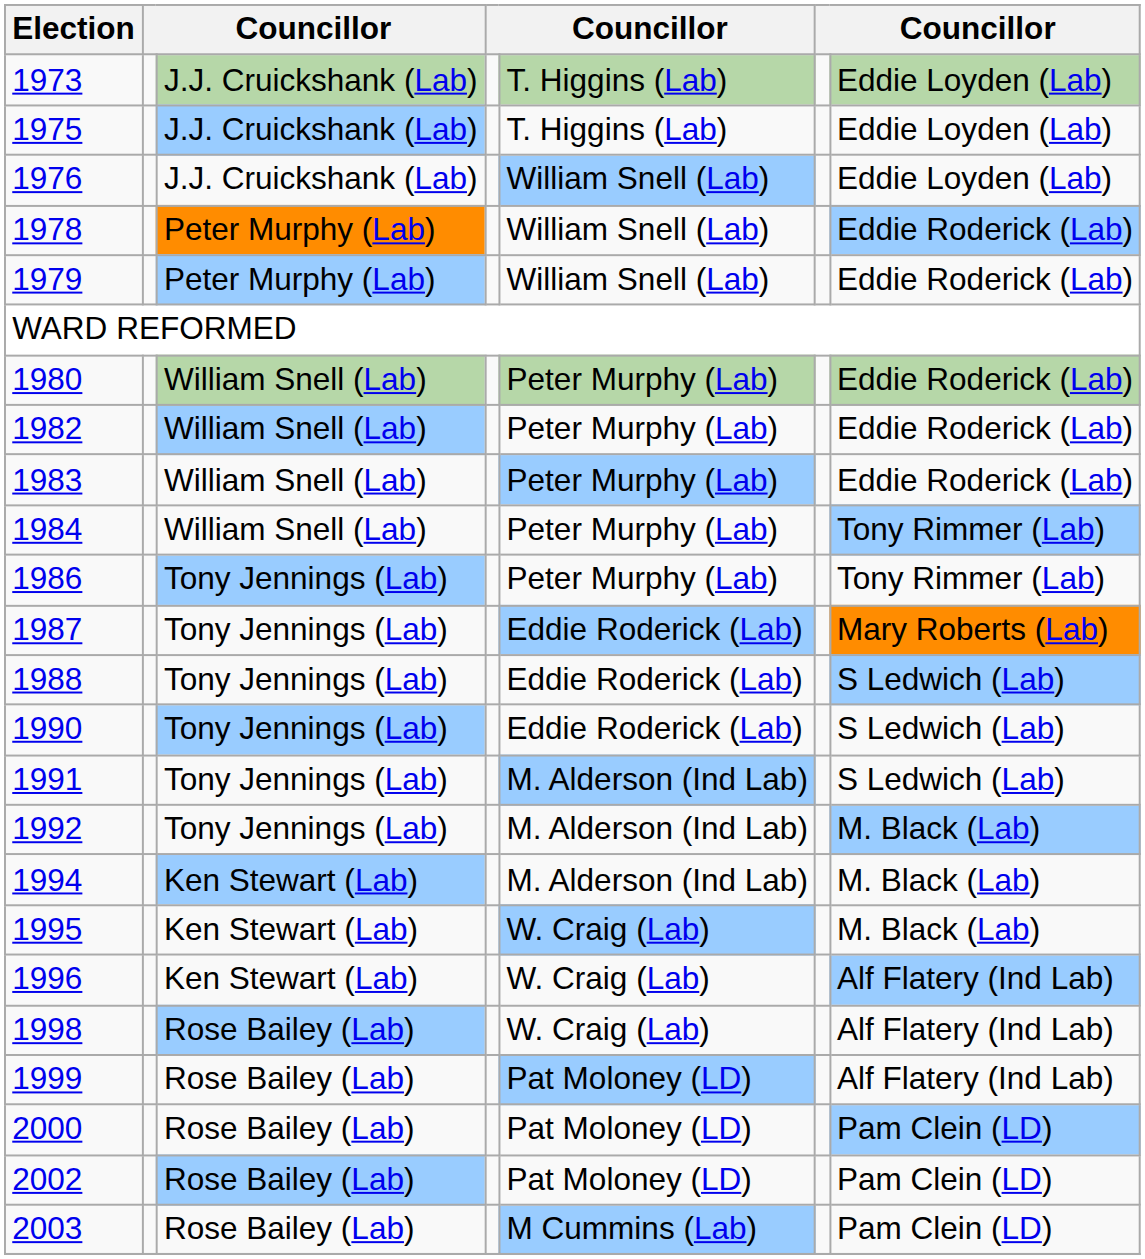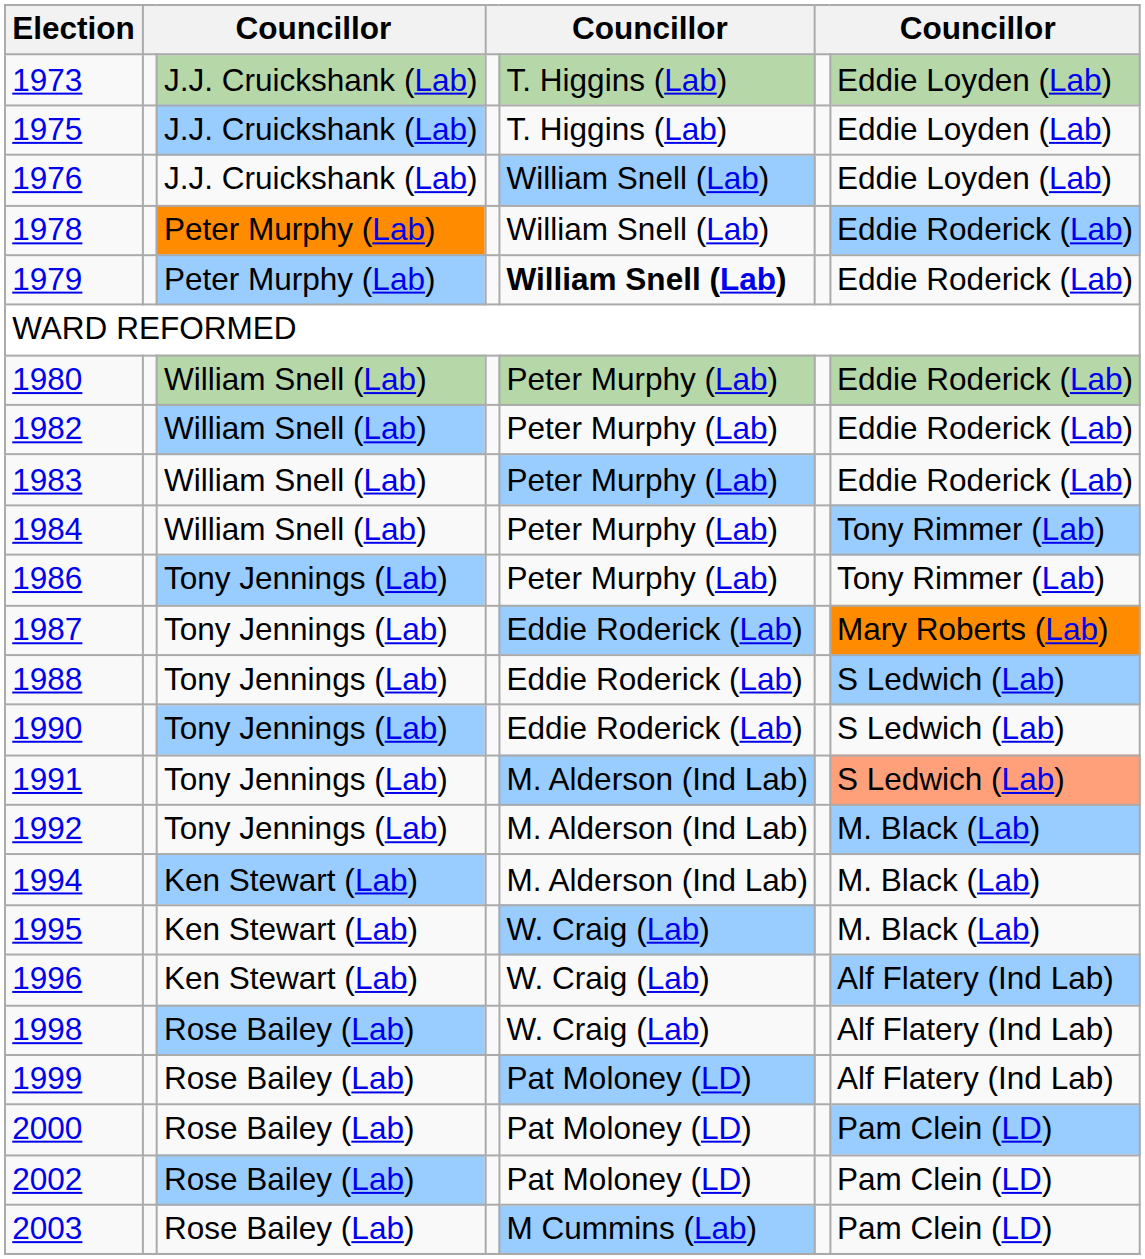 <table class="wikitable">
 <tr>
 <th>Election</th>
 <th colspan="2">Councillor</th>
 <th colspan="2">Councillor</th>
 <th colspan="2">Councillor</th>
 </tr>
 <tr>
 <td><a href='#'>1973</a></td>
 <td style="background-color: "></td>
 <td bgcolor="#B6D7A8">J.J. Cruickshank (<a href='#'>Lab</a>)</td>
 <td style="background-color: "></td>
 <td bgcolor="#B6D7A8">T. Higgins (<a href='#'>Lab</a>)</td>
 <td style="background-color: "></td>
 <td bgcolor="#B6D7A8">Eddie Loyden (<a href='#'>Lab</a>)</td>
 </tr>
 <tr>
 <td><a href='#'>1975</a></td>
 <td style="background-color: "></td>
 <td bgcolor="#99CCFF">J.J. Cruickshank (<a href='#'>Lab</a>)</td>
 <td style="background-color: "></td>
 <td>T. Higgins (<a href='#'>Lab</a>)</td>
 <td style="background-color: "></td>
 <td>Eddie Loyden (<a href='#'>Lab</a>)</td>
 </tr>
 <tr>
 <td><a href='#'>1976</a></td>
 <td style="background-color: "></td>
 <td>J.J. Cruickshank (<a href='#'>Lab</a>)</td>
 <td style="background-color: "></td>
 <td bgcolor="#99CCFF">William Snell (<a href='#'>Lab</a>)</td>
 <td style="background-color: "></td>
 <td>Eddie Loyden (<a href='#'>Lab</a>)</td>
 </tr>
 <tr>
 <td><a href='#'>1978</a></td>
 <td style="background-color: "></td>
 <td bgcolor="#FF8C00">Peter Murphy (<a href='#'>Lab</a>)</td>
 <td style="background-color: "></td>
 <td>William Snell (<a href='#'>Lab</a>)</td>
 <td style="background-color: "></td>
 <td bgcolor="#99CCFF">Eddie Roderick (<a href='#'>Lab</a>)</td>
 </tr>
 <tr>
 <td><a href='#'>1979</a></td>
 <td style="background-color: "></td>
 <td bgcolor="#99CCFF">Peter Murphy (<a href='#'>Lab</a>)</td>
 <td style="background-color: "></td>
-<td>William Snell (<a href='#'>Lab</a>)</td>
+<td><strong>William Snell (<a href='#'>Lab</a>)</strong></td>
 <td style="background-color: "></td>
 <td>Eddie Roderick (<a href='#'>Lab</a>)</td>
 </tr>
 <tr>
 <td colspan="8" bgcolor="#FFF"><div>WARD REFORMED</div></td>
 </tr>
 <tr>
 <td><a href='#'>1980</a></td>
 <td style="background-color: "></td>
 <td bgcolor="#B6D7A8">William Snell (<a href='#'>Lab</a>)</td>
 <td style="background-color: "></td>
 <td bgcolor="#B6D7A8">Peter Murphy (<a href='#'>Lab</a>)</td>
 <td style="background-color: "></td>
 <td bgcolor="#B6D7A8">Eddie Roderick (<a href='#'>Lab</a>)</td>
 </tr>
 <tr>
 <td><a href='#'>1982</a></td>
 <td style="background-color: "></td>
 <td bgcolor="#99CCFF">William Snell (<a href='#'>Lab</a>)</td>
 <td style="background-color: "></td>
 <td>Peter Murphy (<a href='#'>Lab</a>)</td>
 <td style="background-color: "></td>
 <td>Eddie Roderick (<a href='#'>Lab</a>)</td>
 </tr>
 <tr>
 <td><a href='#'>1983</a></td>
 <td style="background-color: "></td>
 <td>William Snell (<a href='#'>Lab</a>)</td>
 <td style="background-color: "></td>
 <td bgcolor="#99CCFF">Peter Murphy (<a href='#'>Lab</a>)</td>
 <td style="background-color: "></td>
 <td>Eddie Roderick (<a href='#'>Lab</a>)</td>
 </tr>
 <tr>
 <td><a href='#'>1984</a></td>
 <td style="background-color: "></td>
 <td>William Snell (<a href='#'>Lab</a>)</td>
 <td style="background-color: "></td>
 <td>Peter Murphy (<a href='#'>Lab</a>)</td>
 <td style="background-color: "></td>
 <td bgcolor="#99CCFF">Tony Rimmer (<a href='#'>Lab</a>)</td>
 </tr>
 <tr>
 <td><a href='#'>1986</a></td>
 <td style="background-color: "></td>
 <td bgcolor="#99CCFF">Tony Jennings (<a href='#'>Lab</a>)</td>
 <td style="background-color: "></td>
 <td>Peter Murphy (<a href='#'>Lab</a>)</td>
 <td style="background-color: "></td>
 <td>Tony Rimmer (<a href='#'>Lab</a>)</td>
 </tr>
 <tr>
 <td><a href='#'>1987</a></td>
 <td style="background-color: "></td>
 <td>Tony Jennings (<a href='#'>Lab</a>)</td>
 <td style="background-color: "></td>
 <td bgcolor="#99CCFF">Eddie Roderick (<a href='#'>Lab</a>)</td>
 <td style="background-color: "></td>
 <td bgcolor="#FF8C00">Mary Roberts (<a href='#'>Lab</a>)</td>
 </tr>
 <tr>
 <td><a href='#'>1988</a></td>
 <td style="background-color: "></td>
 <td>Tony Jennings (<a href='#'>Lab</a>)</td>
 <td style="background-color: "></td>
 <td>Eddie Roderick (<a href='#'>Lab</a>)</td>
 <td style="background-color: "></td>
 <td bgcolor="#99CCFF">S Ledwich (<a href='#'>Lab</a>)</td>
 </tr>
 <tr>
 <td><a href='#'>1990</a></td>
 <td style="background-color: "></td>
 <td bgcolor="#99CCFF">Tony Jennings (<a href='#'>Lab</a>)</td>
 <td style="background-color: "></td>
 <td>Eddie Roderick (<a href='#'>Lab</a>)</td>
 <td style="background-color: "></td>
 <td>S Ledwich (<a href='#'>Lab</a>)</td>
 </tr>
 <tr>
 <td><a href='#'>1991</a></td>
 <td style="background-color: "></td>
 <td>Tony Jennings (<a href='#'>Lab</a>)</td>
 <td style="background-color: "></td>
 <td bgcolor="#99CCFF">M. Alderson (Ind Lab)</td>
 <td style="background-color: "></td>
-<td>S Ledwich (<a href='#'>Lab</a>)</td>
+<td style="background: lightsalmon;">S Ledwich (<a href='#'>Lab</a>)</td>
 </tr>
 <tr>
 <td><a href='#'>1992</a></td>
 <td style="background-color: "></td>
 <td>Tony Jennings (<a href='#'>Lab</a>)</td>
 <td style="background-color: "></td>
 <td>M. Alderson (Ind Lab)</td>
 <td style="background-color: "></td>
 <td bgcolor="#99CCFF">M. Black (<a href='#'>Lab</a>)</td>
 </tr>
 <tr>
 <td><a href='#'>1994</a></td>
 <td style="background-color: "></td>
 <td bgcolor="#99CCFF">Ken Stewart (<a href='#'>Lab</a>)</td>
 <td style="background-color: "></td>
 <td>M. Alderson (Ind Lab)</td>
 <td style="background-color: "></td>
 <td>M. Black (<a href='#'>Lab</a>)</td>
 </tr>
 <tr>
 <td><a href='#'>1995</a></td>
 <td style="background-color: "></td>
 <td>Ken Stewart (<a href='#'>Lab</a>)</td>
 <td style="background-color: "></td>
 <td bgcolor="#99CCFF">W. Craig (<a href='#'>Lab</a>)</td>
 <td style="background-color: "></td>
 <td>M. Black (<a href='#'>Lab</a>)</td>
 </tr>
 <tr>
 <td><a href='#'>1996</a></td>
 <td style="background-color: "></td>
 <td>Ken Stewart (<a href='#'>Lab</a>)</td>
 <td style="background-color: "></td>
 <td>W. Craig (<a href='#'>Lab</a>)</td>
 <td style="background-color: "></td>
 <td bgcolor="#99CCFF">Alf Flatery (Ind Lab)</td>
 </tr>
 <tr>
 <td><a href='#'>1998</a></td>
 <td style="background-color: "></td>
 <td bgcolor="#99CCFF">Rose Bailey (<a href='#'>Lab</a>)</td>
 <td style="background-color: "></td>
 <td>W. Craig (<a href='#'>Lab</a>)</td>
 <td style="background-color: "></td>
 <td>Alf Flatery (Ind Lab)</td>
 </tr>
 <tr>
 <td><a href='#'>1999</a></td>
 <td style="background-color: "></td>
 <td>Rose Bailey (<a href='#'>Lab</a>)</td>
 <td style="background-color: "></td>
 <td bgcolor="#99CCFF">Pat Moloney (<a href='#'>LD</a>)</td>
 <td style="background-color: "></td>
 <td>Alf Flatery (Ind Lab)</td>
 </tr>
 <tr>
 <td><a href='#'>2000</a></td>
 <td style="background-color: "></td>
 <td>Rose Bailey (<a href='#'>Lab</a>)</td>
 <td style="background-color: "></td>
 <td>Pat Moloney (<a href='#'>LD</a>)</td>
 <td style="background-color: "></td>
 <td bgcolor="#99CCFF">Pam Clein (<a href='#'>LD</a>)</td>
 </tr>
 <tr>
 <td><a href='#'>2002</a></td>
 <td style="background-color: "></td>
 <td bgcolor="#99CCFF">Rose Bailey (<a href='#'>Lab</a>)</td>
 <td style="background-color: "></td>
 <td>Pat Moloney (<a href='#'>LD</a>)</td>
 <td style="background-color: "></td>
 <td>Pam Clein (<a href='#'>LD</a>)</td>
 </tr>
 <tr>
 <td><a href='#'>2003</a></td>
 <td style="background-color: "></td>
 <td>Rose Bailey (<a href='#'>Lab</a>)</td>
 <td style="background-color: "></td>
 <td bgcolor="#99CCFF">M Cummins (<a href='#'>Lab</a>)</td>
 <td style="background-color: "></td>
 <td>Pam Clein (<a href='#'>LD</a>)</td>
 </tr>
 <tr>
 </tr>
 </table>
